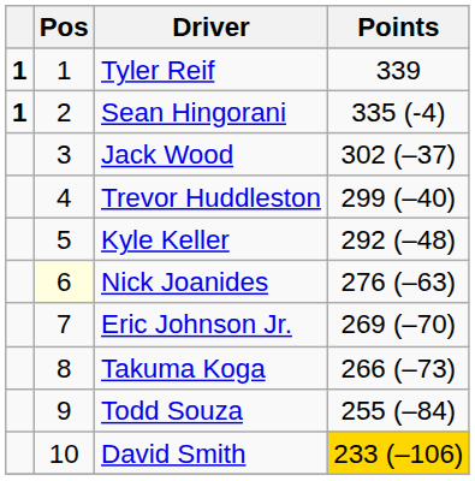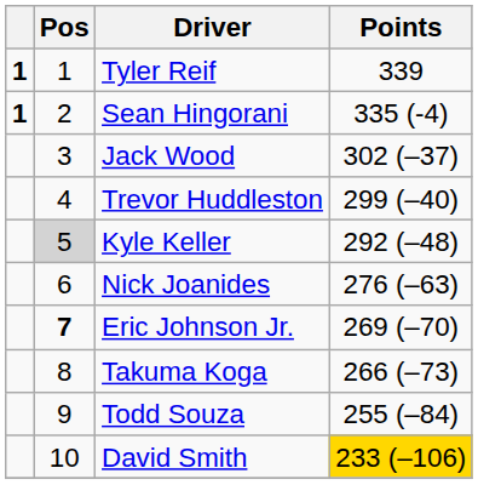 <table class="wikitable" style="font-size: 95%;">
 <tr>
 <th></th>
 <th>Pos</th>
 <th>Driver</th>
 <th>Points</th>
 </tr>
 <tr>
 <td align="left"> <strong>1</strong></td>
 <td style="text-align:center;">1</td>
 <td><a href='#'>Tyler Reif</a></td>
 <td style="text-align:center;">339</td>
 </tr>
 <tr>
 <td align="left"> <strong>1</strong></td>
 <td style="text-align:center;">2</td>
 <td><a href='#'>Sean Hingorani</a></td>
 <td style="text-align:center;">335 (-4)</td>
 </tr>
 <tr>
 <td align="left"></td>
 <td style="text-align:center;">3</td>
 <td><a href='#'>Jack Wood</a></td>
 <td style="text-align:center;">302 (–37)</td>
 </tr>
 <tr>
 <td align="left"></td>
 <td style="text-align:center;">4</td>
 <td><a href='#'>Trevor Huddleston</a></td>
 <td style="text-align:center;">299 (–40)</td>
 </tr>
 <tr>
 <td align="left"></td>
-<td style="text-align:center;">5</td>
+<td style="background: lightgrey; text-align:center;">5</td>
 <td><a href='#'>Kyle Keller</a></td>
 <td style="text-align:center;">292 (–48)</td>
 </tr>
 <tr>
 <td align="left"></td>
-<td style="background: lightyellow; text-align:center;">6</td>
+<td style="text-align:center;">6</td>
 <td><a href='#'>Nick Joanides</a></td>
 <td style="text-align:center;">276 (–63)</td>
 </tr>
 <tr>
 <td align="left"></td>
-<td style="text-align:center;">7</td>
+<td style="text-align:center;"><strong>7</strong></td>
 <td><a href='#'>Eric Johnson Jr.</a></td>
 <td style="text-align:center;">269 (–70)</td>
 </tr>
 <tr>
 <td align="left"></td>
 <td style="text-align:center;">8</td>
 <td><a href='#'>Takuma Koga</a></td>
 <td style="text-align:center;">266 (–73)</td>
 </tr>
 <tr>
 <td align="left"></td>
 <td style="text-align:center;">9</td>
 <td><a href='#'>Todd Souza</a></td>
 <td style="text-align:center;">255 (–84)</td>
 </tr>
 <tr>
 <td align="left"></td>
 <td style="text-align:center;">10</td>
 <td><a href='#'>David Smith</a></td>
 <td style="background: gold; text-align:center;">233 (–106)</td>
 </tr>
 <tr class="sortbottom">
 </tr>
 </table>
